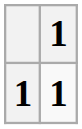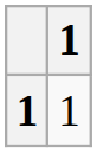 <table class=wikitable style="text-align: center;">
 <tr>
 <th></th>
 <th>1</th>
 </tr>
 <tr>
 <th>1</th>
-<td><strong>1</strong></td>
+<td>1</td>
 </tr>
 </table>
